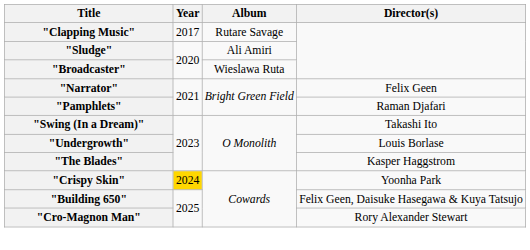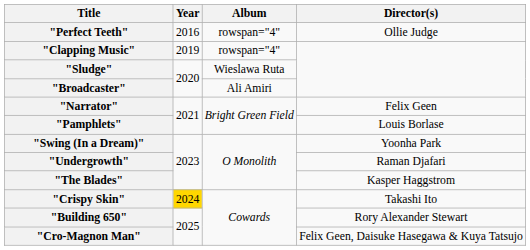 <table class="wikitable plainrowheaders" style="text-align:center;">
 <tr>
 <th scope="col" style="width:14em;">Title</th>
 <th scope="col">Year</th>
 <th scope="col">Album</th>
 <th scope="col">Director(s)</th>
 </tr>
 <tr>
+<th scope="row">"Perfect Teeth"</th>
+<td>2016</td>
+<td>rowspan="4" </td>
+<td>Ollie Judge</td>
+</tr>
+<tr>
 <th scope="row">"Clapping Music"</th>
-<td>2017</td>
-<td>Rutare Savage</td>
+<td>2019</td>
+<td>rowspan="4" </td>
 </tr>
 <tr>
 <th scope="row">"Sludge"</th>
 <td rowspan="2">2020</td>
-<td>Ali Amiri</td>
+<td>Wieslawa Ruta</td>
 </tr>
 <tr>
 <th scope="row">"Broadcaster"</th>
-<td>Wieslawa Ruta</td>
+<td>Ali Amiri</td>
 </tr>
 <tr>
 <th scope="row">"Narrator"</th>
 <td rowspan="2">2021</td>
 <td rowspan="2"><em>Bright Green Field</em></td>
 <td>Felix Geen</td>
 </tr>
 <tr>
 <th scope="row">"Pamphlets"</th>
-<td>Raman Djafari</td>
+<td>Louis Borlase</td>
 </tr>
 <tr>
 <th scope="row">"Swing (In a Dream)"</th>
 <td rowspan="3">2023</td>
 <td rowspan="3"><em>O Monolith</em></td>
-<td>Takashi Ito</td>
+<td>Yoonha Park</td>
 </tr>
 <tr>
 <th scope="row">"Undergrowth"</th>
-<td>Louis Borlase</td>
+<td>Raman Djafari</td>
 </tr>
 <tr>
 <th scope="row">"The Blades"</th>
 <td>Kasper Haggstrom</td>
 </tr>
 <tr>
 <th scope="row">"Crispy Skin"</th>
 <td rowspan="1" style="background: gold;">2024</td>
 <td rowspan="3"><em>Cowards</em></td>
-<td>Yoonha Park</td>
+<td>Takashi Ito</td>
 </tr>
 <tr>
 <th scope="row">"Building 650"</th>
 <td rowspan="2">2025</td>
-<td>Felix Geen, Daisuke Hasegawa & Kuya Tatsujo</td>
+<td>Rory Alexander Stewart</td>
 </tr>
 <tr>
 <th scope="row">"Cro-Magnon Man"</th>
-<td>Rory Alexander Stewart</td>
+<td>Felix Geen, Daisuke Hasegawa & Kuya Tatsujo</td>
 </tr>
 </table>
